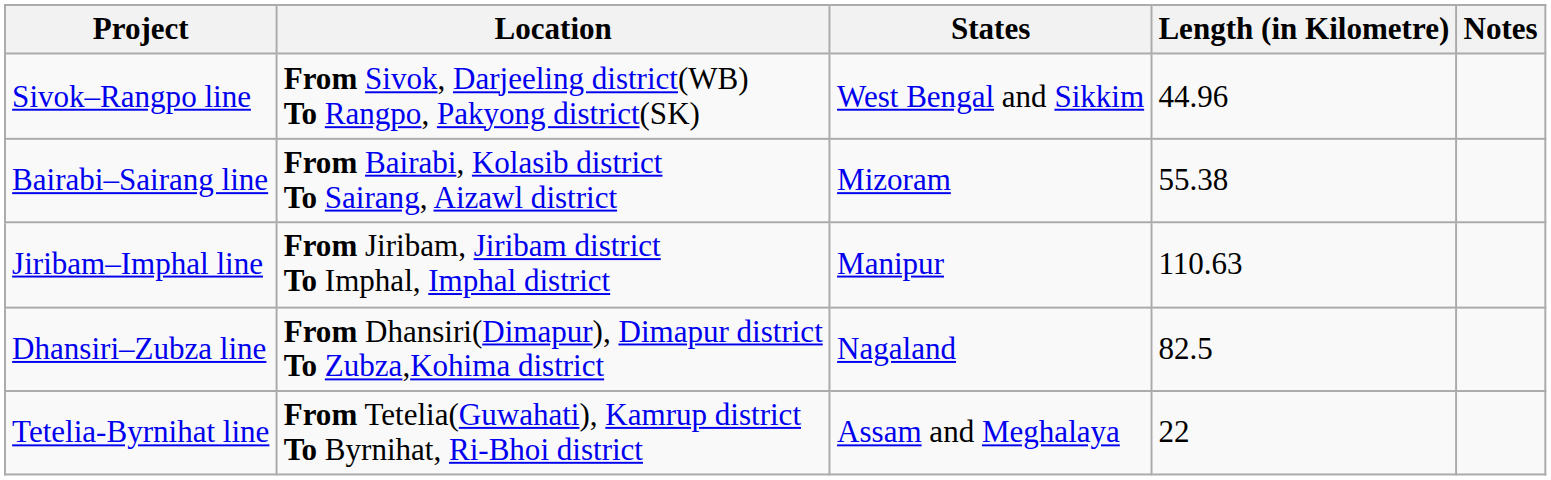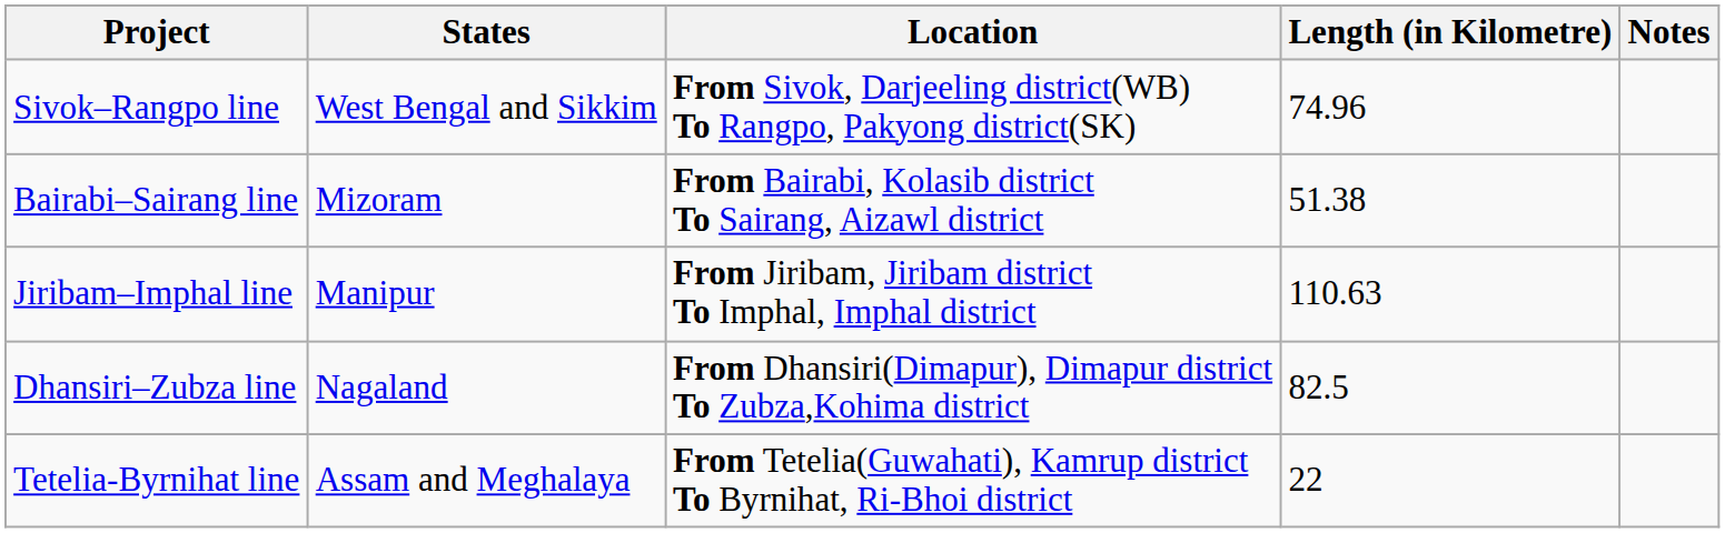 <table class="wikitable sortable">
 <tr>
 <th>Project</th>
+<th>States</th>
 <th>Location</th>
-<th>States</th>
 <th>Length (in Kilometre)</th>
 <th>Notes</th>
 </tr>
 <tr>
 <td><a href='#'>Sivok–Rangpo line</a></td>
+<td><a href='#'>West Bengal</a> and <a href='#'>Sikkim</a></td>
 <td><strong>From</strong> <a href='#'>Sivok</a>, <a href='#'>Darjeeling district</a>(WB)<br><strong>To</strong> <a href='#'>Rangpo</a>, <a href='#'>Pakyong district</a>(SK)</td>
-<td><a href='#'>West Bengal</a> and <a href='#'>Sikkim</a></td>
-<td>44.96</td>
+<td>74.96</td>
 <td></td>
 </tr>
 <tr>
 <td><a href='#'>Bairabi–Sairang line</a></td>
+<td><a href='#'>Mizoram</a></td>
 <td><strong>From</strong> <a href='#'>Bairabi</a>, <a href='#'>Kolasib district</a><br><strong>To</strong> <a href='#'>Sairang</a>, <a href='#'>Aizawl district</a></td>
-<td><a href='#'>Mizoram</a></td>
-<td>55.38</td>
+<td>51.38</td>
 <td></td>
 </tr>
 <tr>
 <td><a href='#'>Jiribam–Imphal line</a></td>
+<td><a href='#'>Manipur</a></td>
 <td><strong>From</strong> Jiribam, <a href='#'>Jiribam district</a><br><strong>To</strong> Imphal, <a href='#'>Imphal district</a></td>
-<td><a href='#'>Manipur</a></td>
 <td>110.63</td>
 <td></td>
 </tr>
 <tr>
 <td><a href='#'>Dhansiri–Zubza line</a></td>
+<td><a href='#'>Nagaland</a></td>
 <td><strong>From</strong> Dhansiri(<a href='#'>Dimapur</a>), <a href='#'>Dimapur district</a><br><strong>To</strong> <a href='#'>Zubza</a>,<a href='#'>Kohima district</a></td>
-<td><a href='#'>Nagaland</a></td>
 <td>82.5</td>
 <td></td>
 </tr>
 <tr>
 <td><a href='#'>Tetelia-Byrnihat line</a></td>
+<td><a href='#'>Assam</a> and <a href='#'>Meghalaya</a></td>
 <td><strong>From</strong> Tetelia(<a href='#'>Guwahati</a>), <a href='#'>Kamrup district</a><br><strong>To</strong> Byrnihat, <a href='#'>Ri-Bhoi district</a></td>
-<td><a href='#'>Assam</a> and <a href='#'>Meghalaya</a></td>
 <td>22</td>
 <td></td>
 </tr>
 </table>
